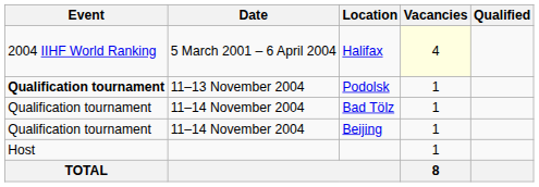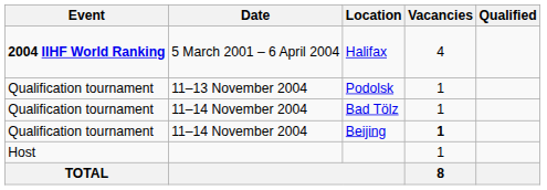 <table class="wikitable">
 <tr>
 <th>Event</th>
 <th>Date</th>
 <th>Location</th>
 <th>Vacancies</th>
 <th>Qualified</th>
 </tr>
 <tr>
-<td>2004 <a href='#'>IIHF World Ranking</a></td>
+<td><strong>2004 <a href='#'>IIHF World Ranking</a></strong></td>
 <td>5 March 2001 – 6 April 2004</td>
 <td> <a href='#'>Halifax</a></td>
-<td align=center style="background: lightyellow;">4</td>
+<td align=center>4</td>
 <td><br><br><br></td>
 </tr>
 <tr>
-<td><strong>Qualification tournament</strong></td>
+<td>Qualification tournament</td>
 <td>11–13 November 2004</td>
 <td> <a href='#'>Podolsk</a></td>
 <td align=center>1</td>
 <td></td>
 </tr>
 <tr>
 <td>Qualification tournament</td>
 <td>11–14 November 2004</td>
 <td> <a href='#'>Bad Tölz</a></td>
 <td align=center>1</td>
 <td></td>
 </tr>
 <tr>
 <td>Qualification tournament</td>
 <td>11–14 November 2004</td>
 <td> <a href='#'>Beijing</a></td>
-<td align=center>1</td>
+<td align=center><strong>1</strong></td>
 <td></td>
 </tr>
 <tr>
 <td>Host</td>
 <td></td>
 <td></td>
 <td align=center>1</td>
 <td></td>
 </tr>
 <tr>
 <th>TOTAL</th>
 <th colspan="2"></th>
 <th>8</th>
 <th></th>
 </tr>
 </table>
